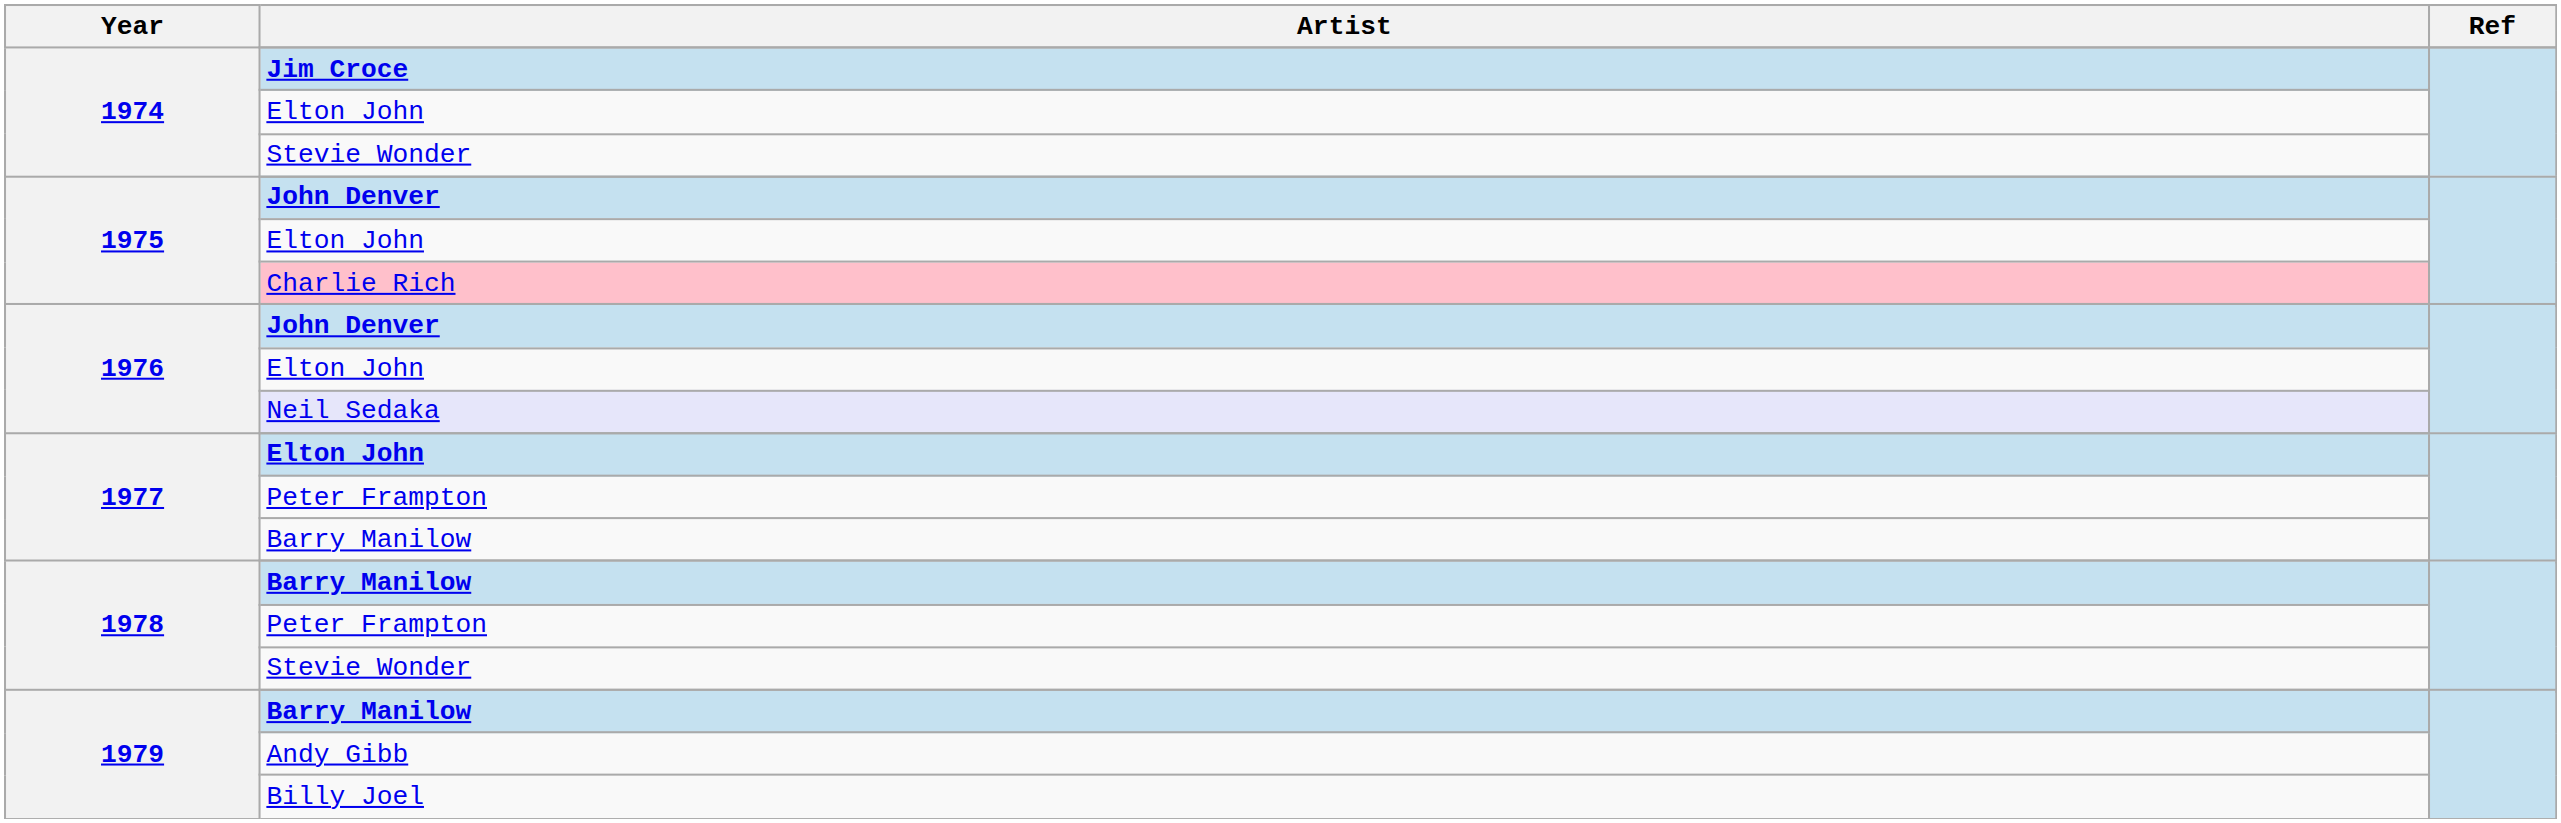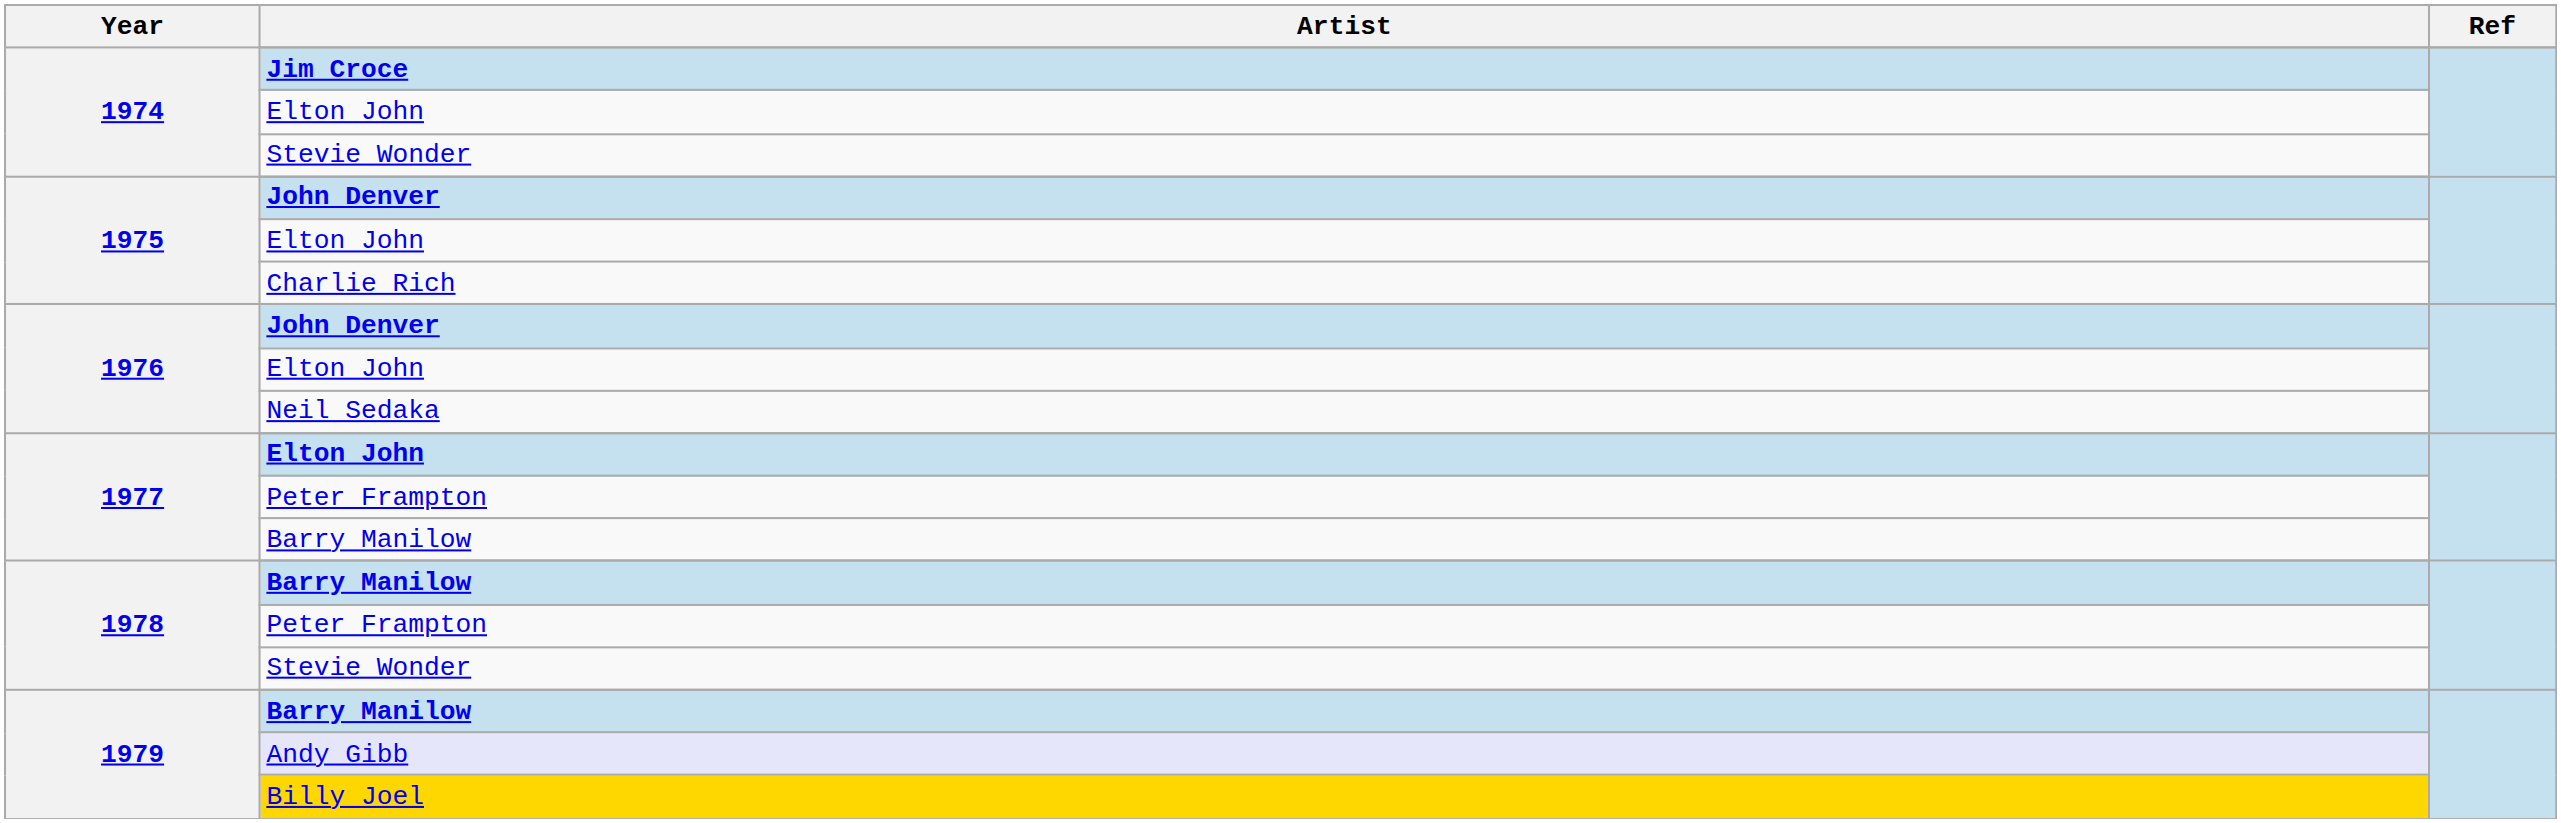 <table class="wikitable" width="100%">
 <tr>
 <th width="10%">Year</th>
 <th width="85%">Artist</th>
 <th width="5%">Ref</th>
 </tr>
 <tr>
 <th rowspan="4" align="center"><a href='#'>1974<br></a></th>
 </tr>
 <tr style="background:#c5e1f0">
 <td><strong><a href='#'>Jim Croce</a></strong></td>
 <td rowspan="4" align="center"></td>
 </tr>
 <tr>
 <td><a href='#'>Elton John</a></td>
 </tr>
 <tr>
 <td><a href='#'>Stevie Wonder</a></td>
 </tr>
 <tr>
 <th rowspan="4" align="center"><a href='#'>1975<br></a></th>
 </tr>
 <tr style="background:#c5e1f0">
 <td><strong><a href='#'>John Denver</a></strong></td>
 <td rowspan="4" align="center"></td>
 </tr>
 <tr>
 <td><a href='#'>Elton John</a></td>
 </tr>
 <tr>
-<td style="background: pink;"><a href='#'>Charlie Rich</a></td>
+<td><a href='#'>Charlie Rich</a></td>
 </tr>
 <tr>
 <th rowspan="4" align="center"><a href='#'>1976<br></a></th>
 </tr>
 <tr style="background:#c5e1f0">
 <td><strong><a href='#'>John Denver</a></strong></td>
 <td rowspan="4" align="center"></td>
 </tr>
 <tr>
 <td><a href='#'>Elton John</a></td>
 </tr>
 <tr>
-<td style="background: lavender;"><a href='#'>Neil Sedaka</a></td>
+<td><a href='#'>Neil Sedaka</a></td>
 </tr>
 <tr>
 <th rowspan="4" align="center"><a href='#'>1977<br></a></th>
 </tr>
 <tr style="background:#c5e1f0">
 <td><strong><a href='#'>Elton John</a></strong></td>
 <td rowspan="4" align="center"></td>
 </tr>
 <tr>
 <td><a href='#'>Peter Frampton</a></td>
 </tr>
 <tr>
 <td><a href='#'>Barry Manilow</a></td>
 </tr>
 <tr>
 <th rowspan="4" align="center"><a href='#'>1978<br></a></th>
 </tr>
 <tr style="background:#c5e1f0">
 <td><strong><a href='#'>Barry Manilow</a></strong></td>
 <td rowspan="4" align="center"></td>
 </tr>
 <tr>
 <td><a href='#'>Peter Frampton</a></td>
 </tr>
 <tr>
 <td><a href='#'>Stevie Wonder</a></td>
 </tr>
 <tr>
 <th rowspan="4" align="center"><a href='#'>1979<br></a></th>
 </tr>
 <tr style="background:#c5e1f0">
 <td><strong><a href='#'>Barry Manilow</a></strong></td>
 <td rowspan="4" align="center"></td>
 </tr>
 <tr>
-<td><a href='#'>Andy Gibb</a></td>
+<td style="background: lavender;"><a href='#'>Andy Gibb</a></td>
 </tr>
 <tr>
-<td><a href='#'>Billy Joel</a></td>
+<td style="background: gold;"><a href='#'>Billy Joel</a></td>
 </tr>
 </table>
